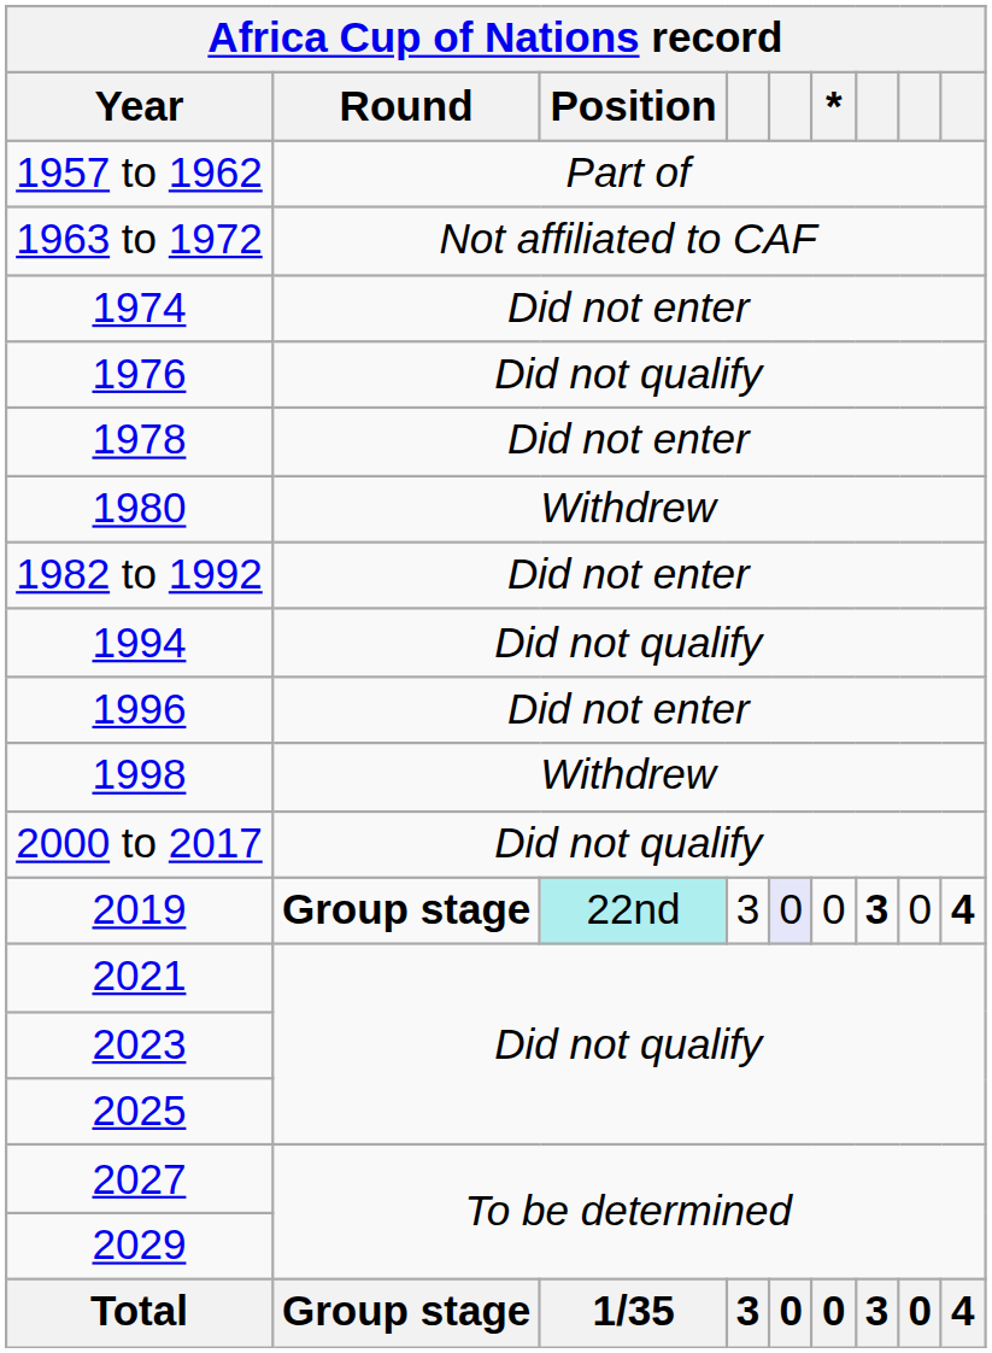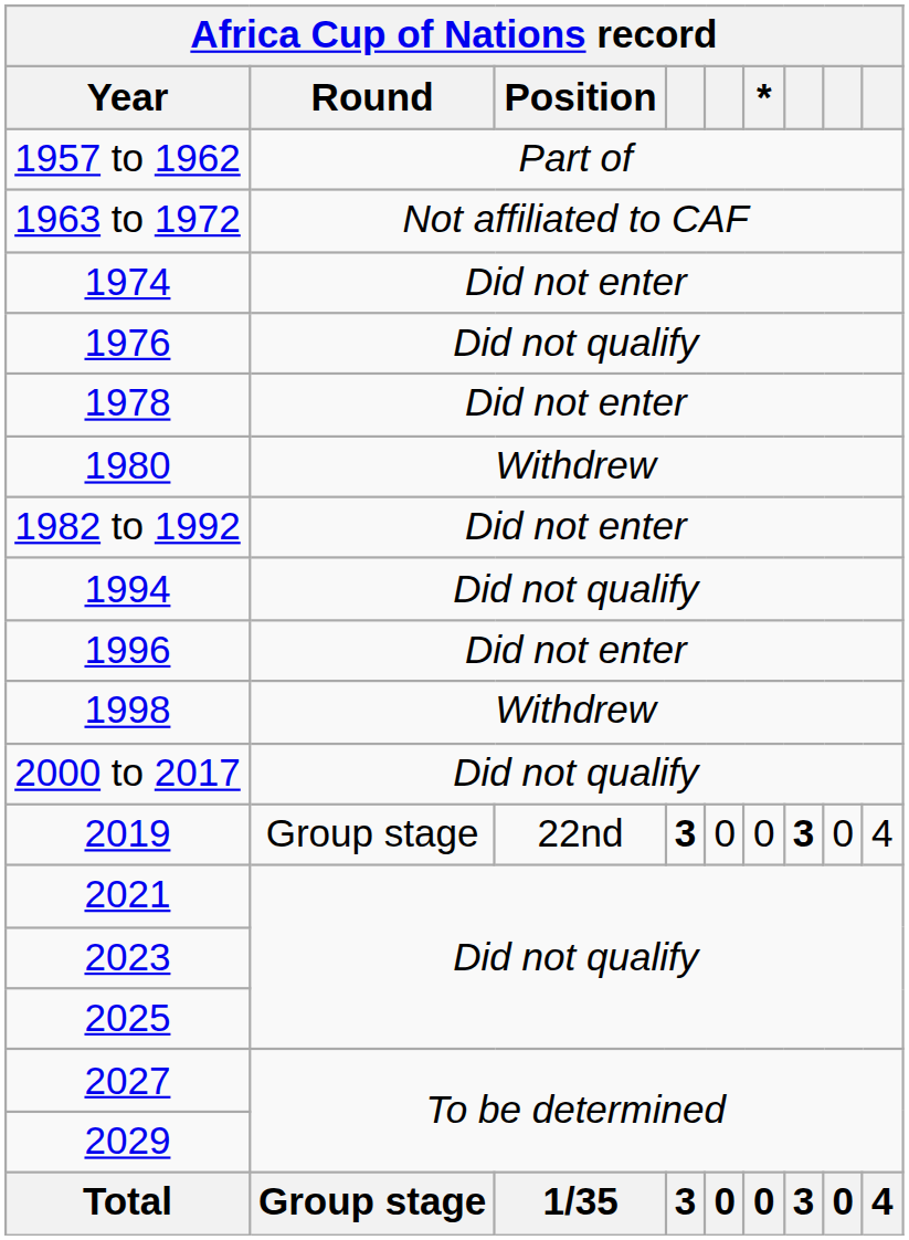 <table class="wikitable" style="text-align: center;">
 <tr>
 <th colspan=9><a href='#'>Africa Cup of Nations</a> record</th>
 </tr>
 <tr>
 <th>Year</th>
 <th>Round</th>
 <th>Position</th>
 <th></th>
 <th></th>
 <th>*</th>
 <th></th>
 <th></th>
 <th></th>
 </tr>
 <tr>
 <td> <a href='#'>1957</a> to  <a href='#'>1962</a></td>
 <td colspan=8><em>Part of </em></td>
 </tr>
 <tr>
 <td> <a href='#'>1963</a> to  <a href='#'>1972</a></td>
 <td colspan=8><em>Not affiliated to CAF</em></td>
 </tr>
 <tr>
 <td> <a href='#'>1974</a></td>
 <td colspan=8><em>Did not enter</em></td>
 </tr>
 <tr>
 <td> <a href='#'>1976</a></td>
 <td colspan=8><em>Did not qualify</em></td>
 </tr>
 <tr>
 <td> <a href='#'>1978</a></td>
 <td colspan=8><em>Did not enter</em></td>
 </tr>
 <tr>
 <td> <a href='#'>1980</a></td>
 <td colspan=8><em>Withdrew</em></td>
 </tr>
 <tr>
 <td> <a href='#'>1982</a> to  <a href='#'>1992</a></td>
 <td colspan=8><em>Did not enter</em></td>
 </tr>
 <tr>
 <td> <a href='#'>1994</a></td>
 <td colspan=8><em>Did not qualify</em></td>
 </tr>
 <tr>
 <td> <a href='#'>1996</a></td>
 <td colspan=8><em>Did not enter</em></td>
 </tr>
 <tr>
 <td> <a href='#'>1998</a></td>
 <td colspan=8><em>Withdrew</em></td>
 </tr>
 <tr>
 <td>  <a href='#'>2000</a> to  <a href='#'>2017</a></td>
 <td colspan=8><em>Did not qualify</em></td>
 </tr>
 <tr>
 <td> <a href='#'>2019</a></td>
-<td><strong>Group stage</strong></td>
-<td style="background: paleturquoise;">22nd</td>
-<td>3</td>
-<td style="background: lavender;">0</td>
+<td>Group stage</td>
+<td>22nd</td>
+<td><strong>3</strong></td>
+<td>0</td>
 <td>0</td>
 <td><strong>3</strong></td>
 <td>0</td>
-<td><strong>4</strong></td>
+<td>4</td>
 </tr>
 <tr>
 <td> <a href='#'>2021</a></td>
 <td rowspan=3 colspan=8><em>Did not qualify</em></td>
 </tr>
 <tr>
 <td> <a href='#'>2023</a></td>
 </tr>
 <tr>
 <td> <a href='#'>2025</a></td>
 </tr>
 <tr>
 <td>   <a href='#'>2027</a></td>
 <td colspan="8" rowspan="2"><em>To be determined</em></td>
 </tr>
 <tr>
 <td> <a href='#'>2029</a></td>
 </tr>
 <tr>
 <th>Total</th>
 <th>Group stage</th>
 <th>1/35</th>
 <th>3</th>
 <th>0</th>
 <th>0</th>
 <th>3</th>
 <th>0</th>
 <th>4</th>
 </tr>
 </table>
